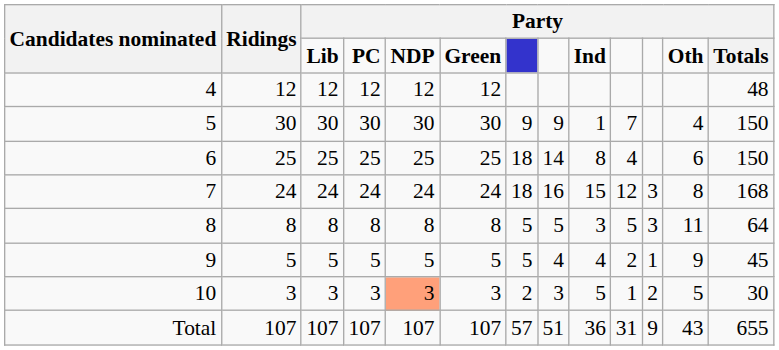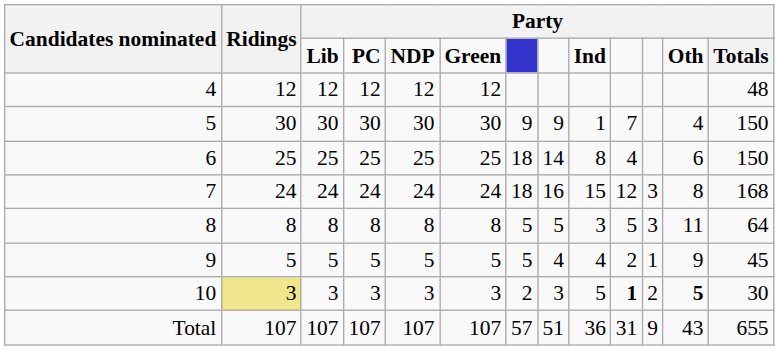 <table class="wikitable" style="text-align:right;">
 <tr>
 <th rowspan="2">Candidates nominated</th>
 <th rowspan="2">Ridings</th>
 <th colspan="11">Party</th>
 </tr>
 <tr>
 <td><strong>Lib</strong></td>
 <td><strong>PC</strong></td>
 <td><strong>NDP</strong></td>
 <td><strong>Green</strong></td>
 <td style="background-color:#3333CC; color: white" align="center"><strong></strong></td>
 <td><strong></strong></td>
 <td><strong>Ind</strong></td>
 <td><strong></strong></td>
 <td><strong></strong></td>
 <td><strong>Oth</strong></td>
 <th>Totals</th>
 </tr>
 <tr>
 <td>4</td>
 <td>12</td>
 <td>12</td>
 <td>12</td>
 <td>12</td>
 <td>12</td>
 <td></td>
 <td></td>
 <td></td>
 <td></td>
 <td></td>
 <td></td>
 <td>48</td>
 </tr>
 <tr>
 <td>5</td>
 <td>30</td>
 <td>30</td>
 <td>30</td>
 <td>30</td>
 <td>30</td>
 <td>9</td>
 <td>9</td>
 <td>1</td>
 <td>7</td>
 <td></td>
 <td>4</td>
 <td>150</td>
 </tr>
 <tr>
 <td>6</td>
 <td>25</td>
 <td>25</td>
 <td>25</td>
 <td>25</td>
 <td>25</td>
 <td>18</td>
 <td>14</td>
 <td>8</td>
 <td>4</td>
 <td></td>
 <td>6</td>
 <td>150</td>
 </tr>
 <tr>
 <td>7</td>
 <td>24</td>
 <td>24</td>
 <td>24</td>
 <td>24</td>
 <td>24</td>
 <td>18</td>
 <td>16</td>
 <td>15</td>
 <td>12</td>
 <td>3</td>
 <td>8</td>
 <td>168</td>
 </tr>
 <tr>
 <td>8</td>
 <td>8</td>
 <td>8</td>
 <td>8</td>
 <td>8</td>
 <td>8</td>
 <td>5</td>
 <td>5</td>
 <td>3</td>
 <td>5</td>
 <td>3</td>
 <td>11</td>
 <td>64</td>
 </tr>
 <tr>
 <td>9</td>
 <td>5</td>
 <td>5</td>
 <td>5</td>
 <td>5</td>
 <td>5</td>
 <td>5</td>
 <td>4</td>
 <td>4</td>
 <td>2</td>
 <td>1</td>
 <td>9</td>
 <td>45</td>
 </tr>
 <tr>
 <td>10</td>
+<td style="background: khaki;">3</td>
 <td>3</td>
 <td>3</td>
 <td>3</td>
-<td style="background: lightsalmon;">3</td>
 <td>3</td>
 <td>2</td>
 <td>3</td>
 <td>5</td>
-<td>1</td>
+<td><strong>1</strong></td>
 <td>2</td>
-<td>5</td>
+<td><strong>5</strong></td>
 <td>30</td>
 </tr>
 <tr>
 <td>Total</td>
 <td>107</td>
 <td>107</td>
 <td>107</td>
 <td>107</td>
 <td>107</td>
 <td>57</td>
 <td>51</td>
 <td>36</td>
 <td>31</td>
 <td>9</td>
 <td>43</td>
 <td>655</td>
 </tr>
 </table>
